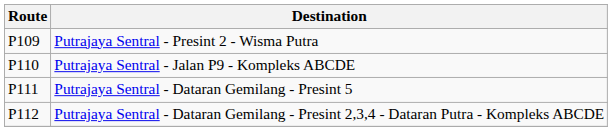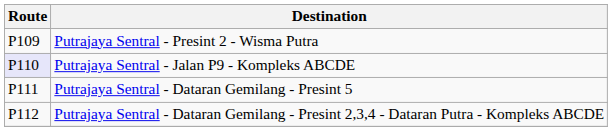 <table class="wikitable">
 <tr>
 <th>Route</th>
 <th>Destination</th>
 </tr>
 <tr>
 <td>P109</td>
 <td><a href='#'>Putrajaya Sentral</a> - Presint 2 - Wisma Putra</td>
 </tr>
 <tr>
-<td>P110</td>
+<td style="background: lavender;">P110</td>
 <td><a href='#'>Putrajaya Sentral</a> - Jalan P9 - Kompleks ABCDE</td>
 </tr>
 <tr>
 <td>P111</td>
 <td><a href='#'>Putrajaya Sentral</a> - Dataran Gemilang - Presint 5</td>
 </tr>
 <tr>
 <td>P112</td>
 <td><a href='#'>Putrajaya Sentral</a> - Dataran Gemilang - Presint 2,3,4 - Dataran Putra - Kompleks ABCDE</td>
 </tr>
 <tr>
 </tr>
 </table>
